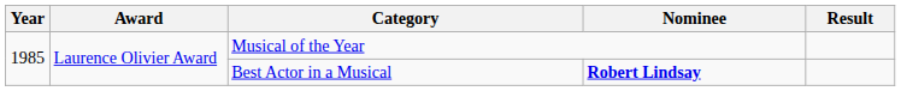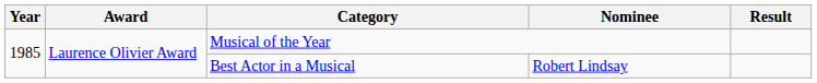 <table class="wikitable" width="95%">
 <tr>
 <th width="5%">Year</th>
 <th width="20%">Award</th>
 <th width="40%">Category</th>
 <th width="25%">Nominee</th>
 <th width="10%">Result</th>
 </tr>
 <tr>
 <td rowspan="2" align="center">1985</td>
 <td rowspan="2"><a href='#'>Laurence Olivier Award</a></td>
 <td colspan="2"><a href='#'>Musical of the Year</a></td>
 <td></td>
 </tr>
 <tr>
 <td><a href='#'>Best Actor in a Musical</a></td>
-<td><strong><a href='#'>Robert Lindsay</a></strong></td>
+<td><a href='#'>Robert Lindsay</a></td>
 <td></td>
 </tr>
 </table>
